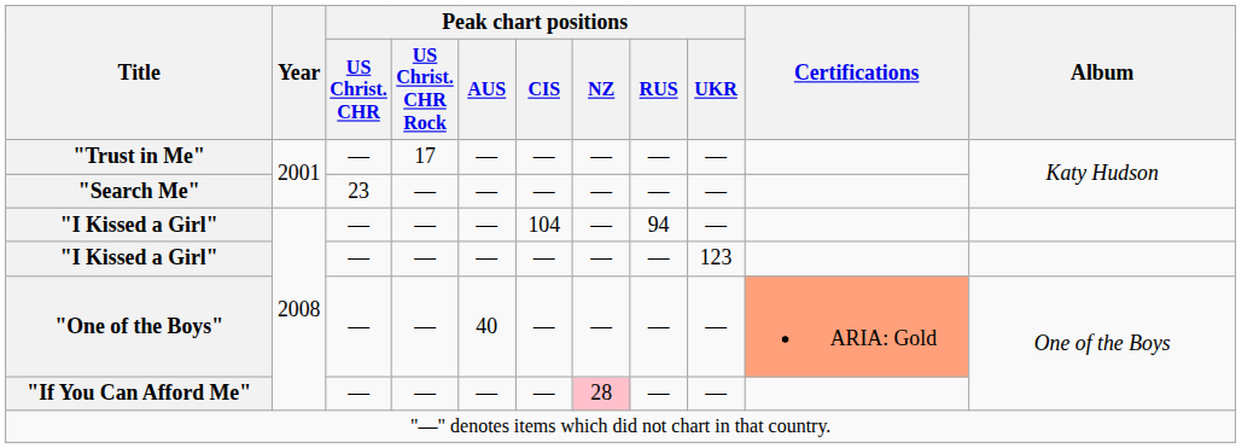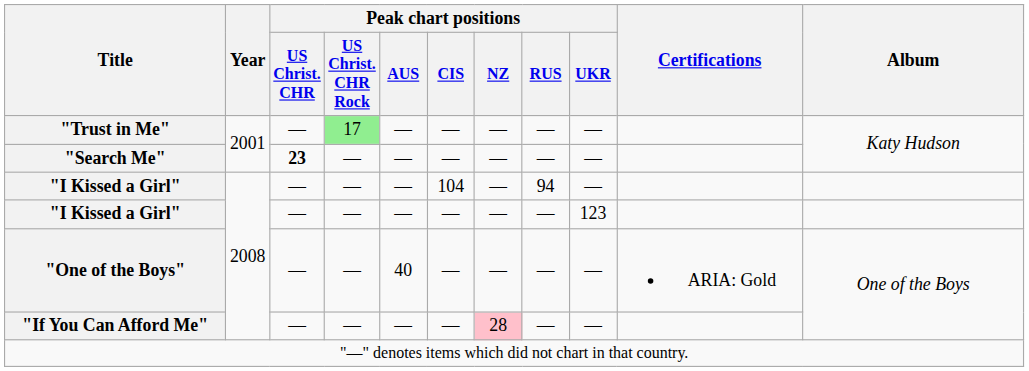 <table class="wikitable plainrowheaders" style="text-align:center;">
 <tr>
 <th scope="col" rowspan="2" style="width:12em;">Title</th>
 <th scope="col" rowspan="2" style="width:1em;">Year</th>
 <th scope="col" colspan="7">Peak chart positions</th>
 <th scope="col" rowspan="2" style="width:10em;"><a href='#'>Certifications</a></th>
 <th scope="col" rowspan="2" style="width:12em;">Album</th>
 </tr>
 <tr>
 <th scope="col" style="width:2.5em;font-size:90%;"><a href='#'>US<br>Christ. CHR</a><br></th>
 <th scope="col" style="width:2.5em;font-size:90%;"><a href='#'>US<br>Christ. CHR Rock</a><br></th>
 <th scope="col" style="width:2.5em;font-size:90%;"><a href='#'>AUS</a><br></th>
 <th scope="col" style="width:2.5em;font-size:90%;"><a href='#'>CIS</a><br></th>
 <th scope="col" style="width:2.5em;font-size:90%;"><a href='#'>NZ</a><br></th>
 <th scope="col" style="width:2.5em;font-size:90%;"><a href='#'>RUS</a><br></th>
 <th scope="col" style="width:2.5em;font-size:90%;"><a href='#'>UKR</a><br></th>
 </tr>
 <tr>
 <th scope="row">"Trust in Me"</th>
 <td rowspan="2">2001</td>
 <td>—</td>
-<td>17</td>
+<td style="background: lightgreen;">17</td>
 <td>—</td>
 <td>—</td>
 <td>—</td>
 <td>—</td>
 <td>—</td>
 <td></td>
 <td rowspan="2"><em>Katy Hudson</em></td>
 </tr>
 <tr>
 <th scope="row">"Search Me"</th>
-<td>23</td>
+<td><strong>23</strong></td>
 <td>—</td>
 <td>—</td>
 <td>—</td>
 <td>—</td>
 <td>—</td>
 <td>—</td>
 </tr>
 <tr>
 <th scope="row">"I Kissed a Girl"<br></th>
 <td rowspan="4">2008</td>
 <td>—</td>
 <td>—</td>
 <td>—</td>
 <td>104</td>
 <td>—</td>
 <td>94</td>
 <td>—</td>
 <td></td>
 <td></td>
 </tr>
 <tr>
 <th scope="row">"I Kissed a Girl"<br></th>
 <td>—</td>
 <td>—</td>
 <td>—</td>
 <td>—</td>
 <td>—</td>
 <td>—</td>
 <td>123</td>
 <td></td>
 <td></td>
 </tr>
 <tr>
 <th scope="row">"One of the Boys"</th>
 <td>—</td>
 <td>—</td>
 <td>40</td>
 <td>—</td>
 <td>—</td>
 <td>—</td>
 <td>—</td>
-<td style="background: lightsalmon;"><br><ul><li>ARIA: Gold</li></ul></td>
+<td><br><ul><li>ARIA: Gold</li></ul></td>
 <td rowspan="2"><em>One of the Boys</em></td>
 </tr>
 <tr>
 <th scope="row">"If You Can Afford Me"</th>
 <td>—</td>
 <td>—</td>
 <td>—</td>
 <td>—</td>
 <td style="background: pink;">28</td>
 <td>—</td>
 <td>—</td>
 <td></td>
 </tr>
 <tr>
 <td colspan="13" style="font-size:90%;">"—" denotes items which did not chart in that country.</td>
 </tr>
 </table>
